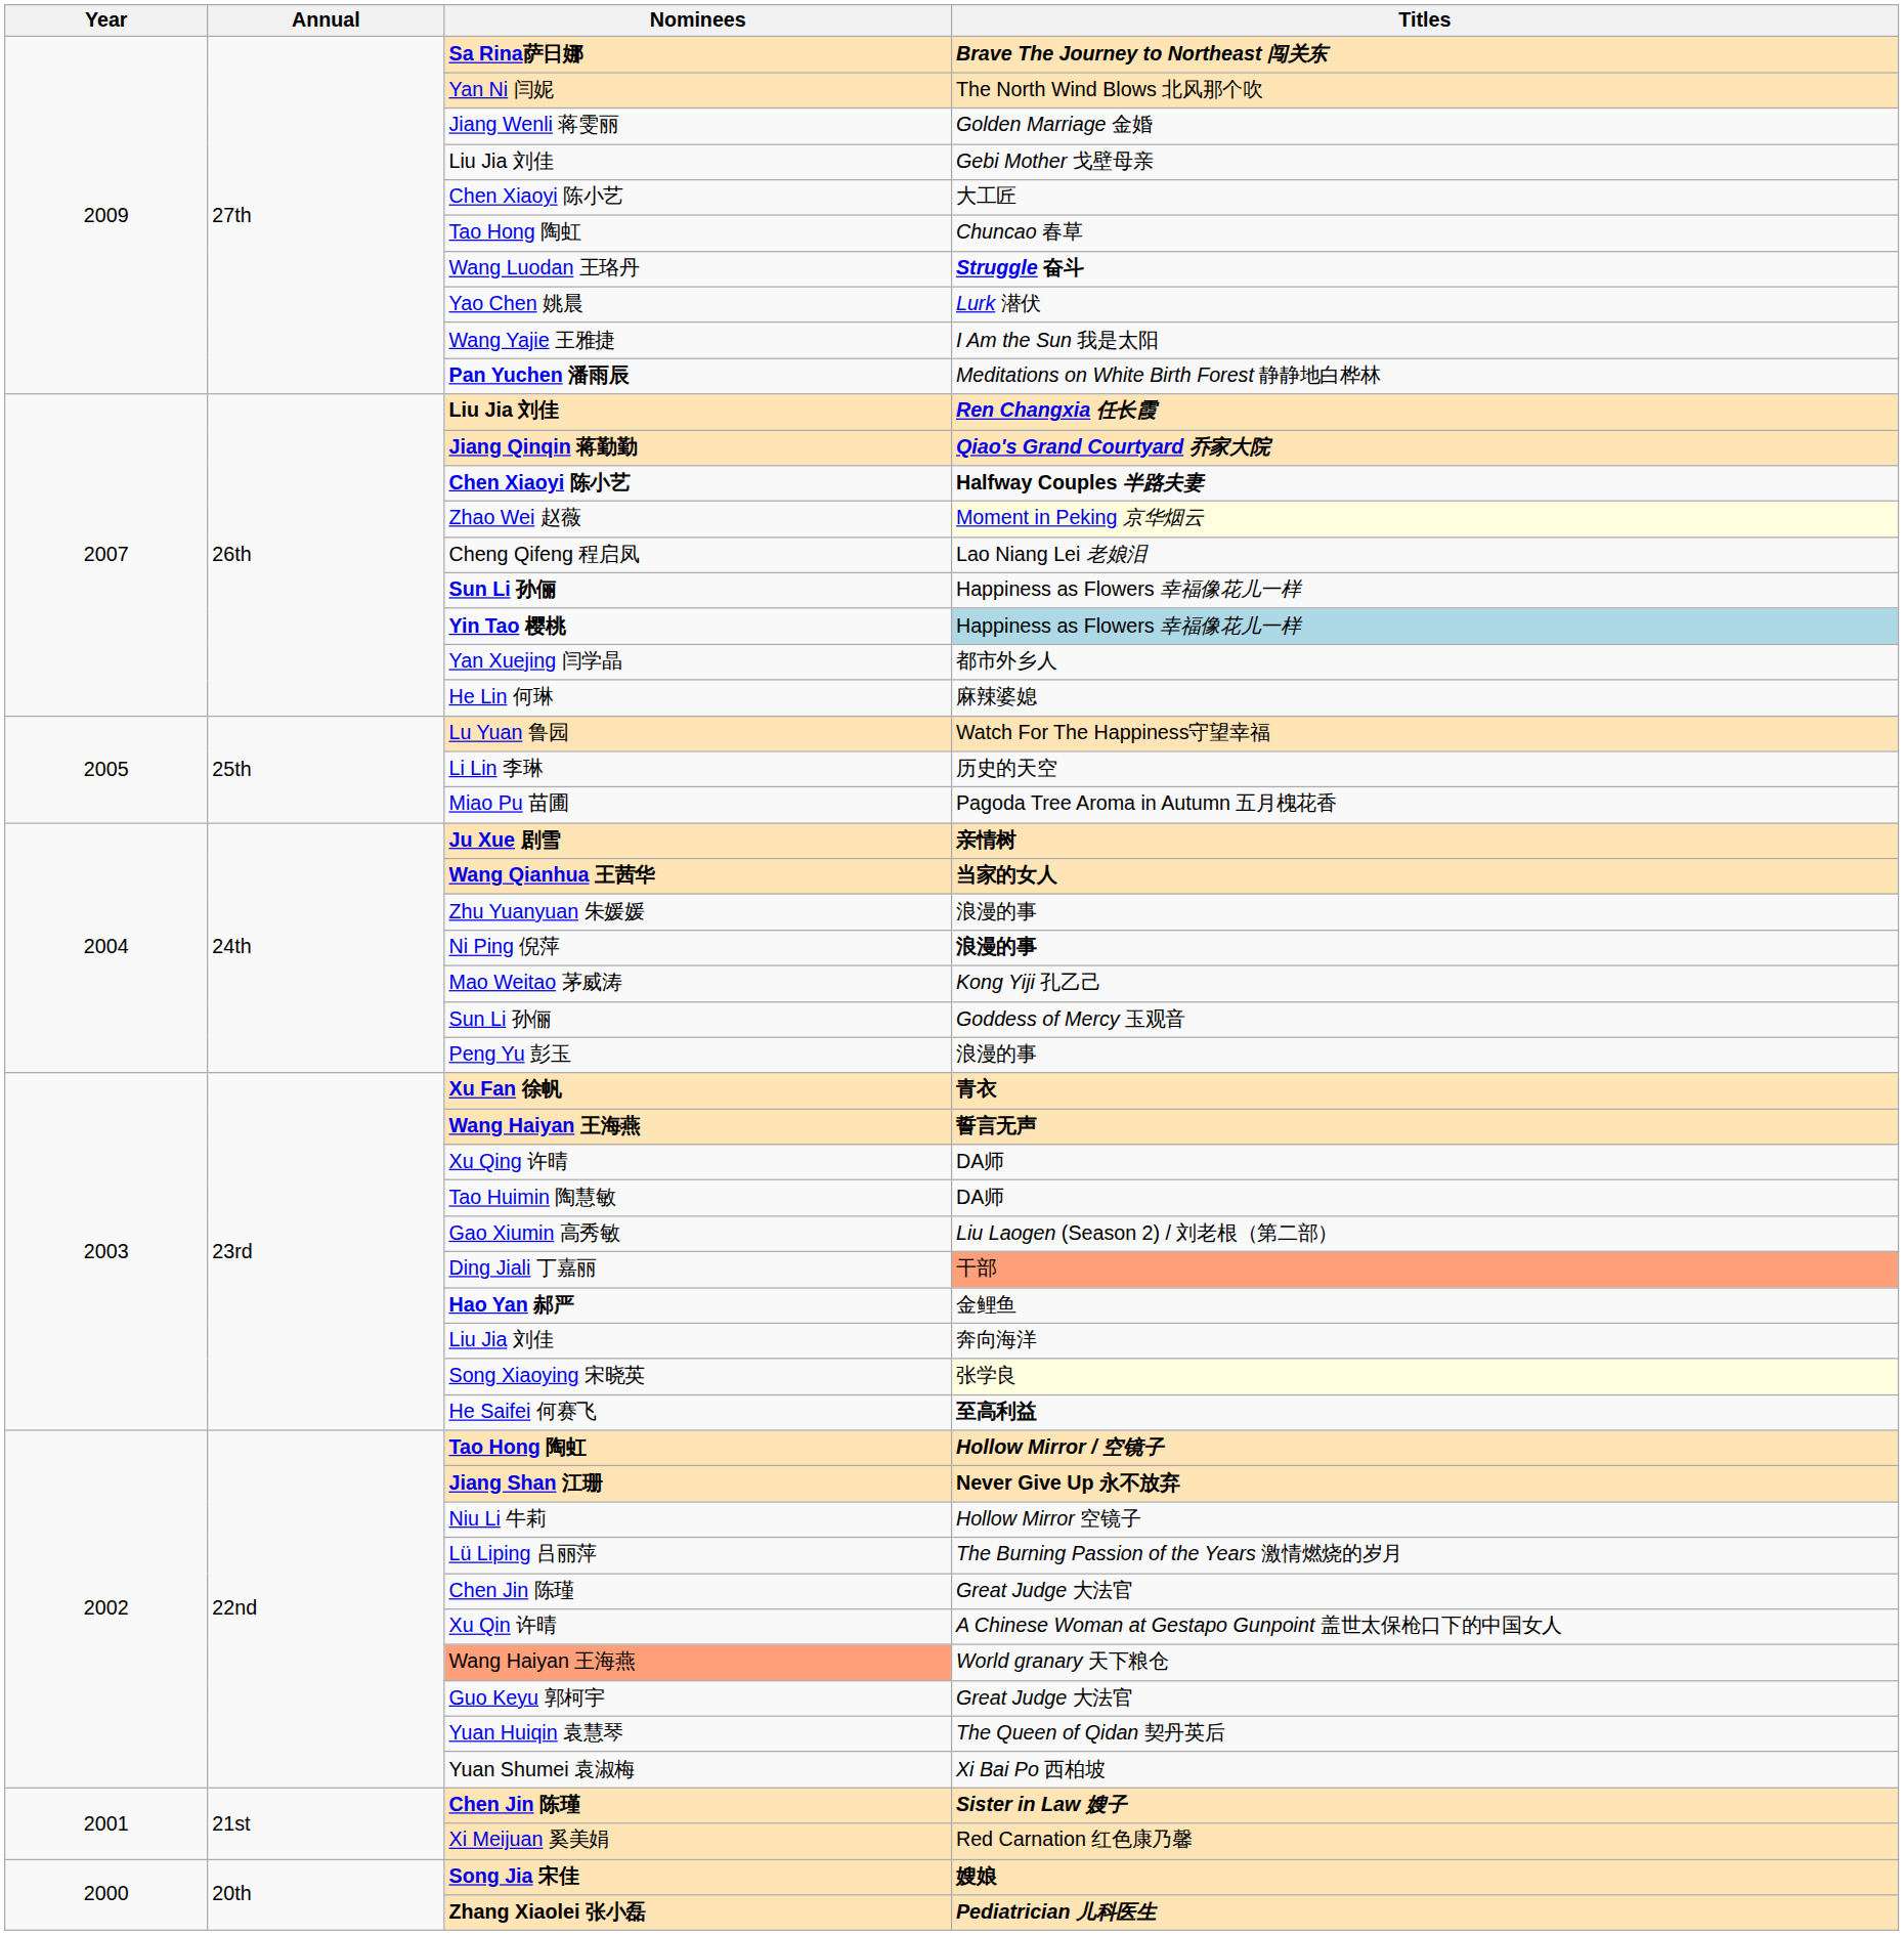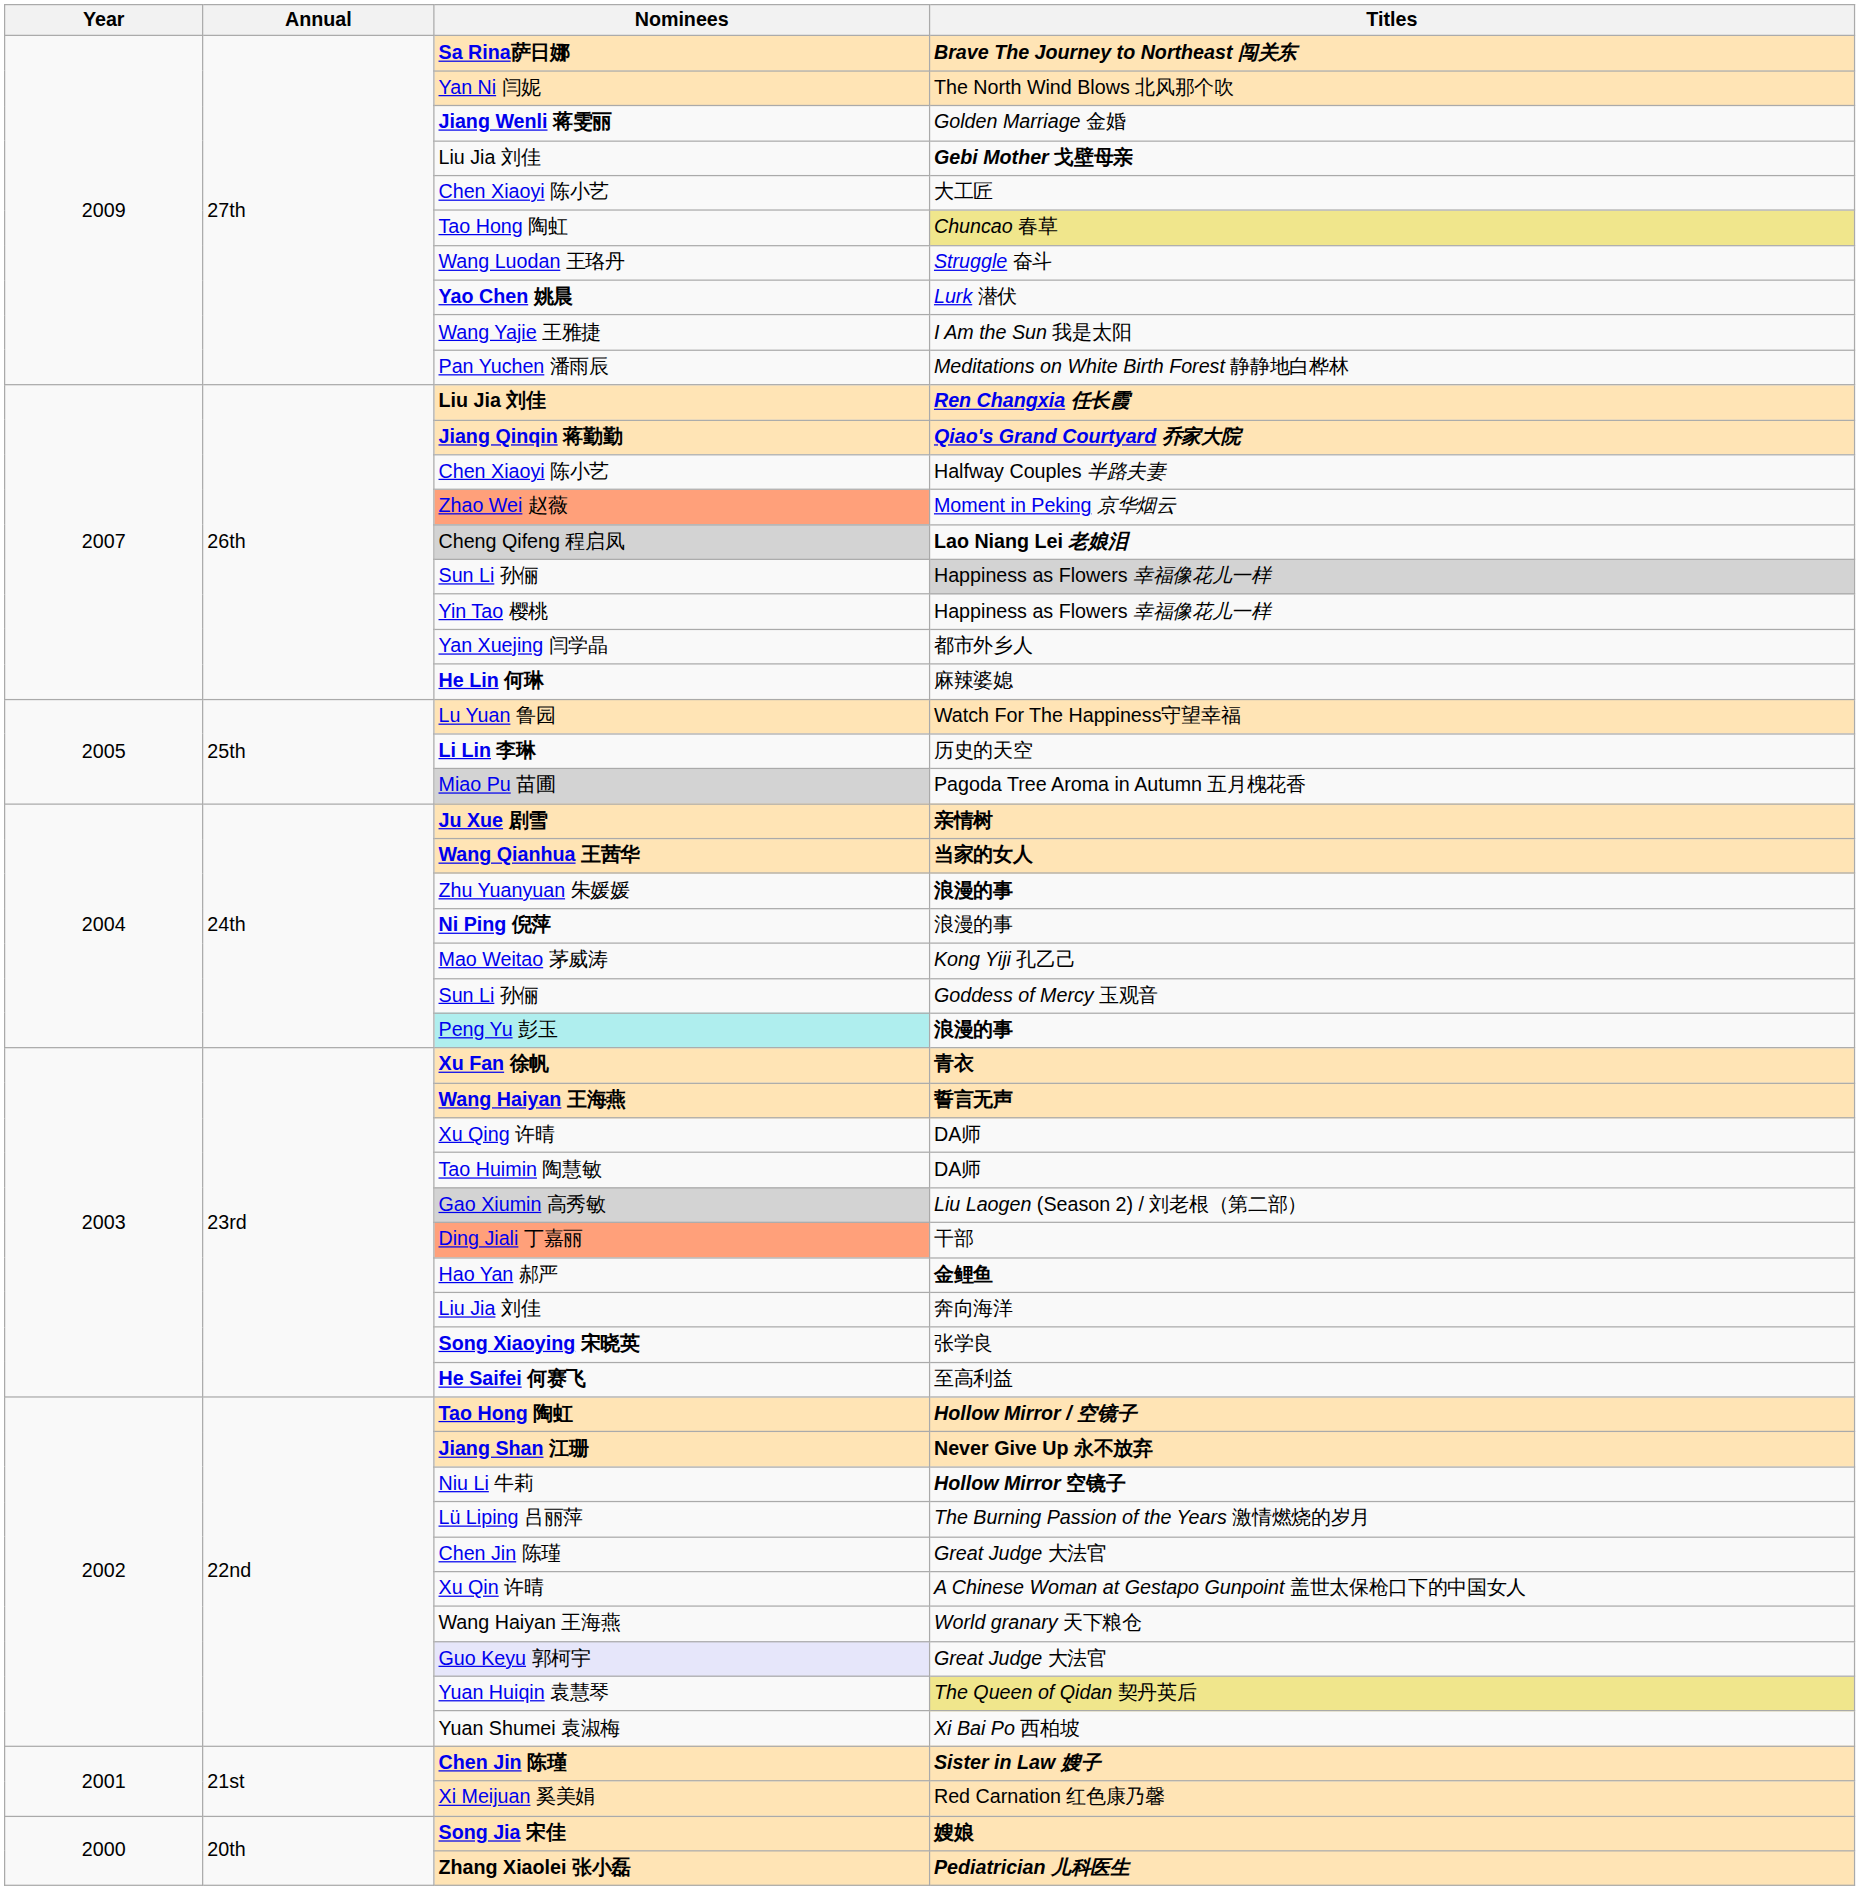 <table class="wikitable" width="95%" align="center">
 <tr>
 <th width="6%">Year</th>
 <th width="7%">Annual</th>
 <th width="15%">Nominees</th>
 <th width="28%">Titles</th>
 </tr>
 <tr>
 <td rowspan="10" style="text-align:center;">2009</td>
 <td rowspan="10">27th</td>
 <td style="background:#FFE4B5;"><strong><a href='#'>Sa Rina</a>萨日娜</strong></td>
 <td style="background:#FFE4B5;"><strong><em>Brave The Journey to Northeast<em> 闯关东<strong></td>
 </tr>
 <tr>
 <td style="background:#FFE4B5;"></strong><a href='#'>Yan Ni</a> 闫妮<strong></td>
 <td style="background:#FFE4B5;"></em></strong>The North Wind Blows</em> 北风那个吹</strong></td>
 </tr>
 <tr>
-<td><a href='#'>Jiang Wenli</a> 蒋雯丽</td>
+<td><strong><a href='#'>Jiang Wenli</a> 蒋雯丽</strong></td>
 <td><em>Golden Marriage</em> 金婚</td>
 </tr>
 <tr>
 <td>Liu Jia 刘佳</td>
-<td><em>Gebi Mother</em> 戈壁母亲</td>
+<td><strong><em>Gebi Mother</em> 戈壁母亲</strong></td>
 </tr>
 <tr>
 <td><a href='#'>Chen Xiaoyi</a> 陈小艺</td>
 <td>大工匠</td>
 </tr>
 <tr>
 <td><a href='#'>Tao Hong</a> 陶虹</td>
-<td><em>Chuncao</em> 春草</td>
+<td style="background: khaki;"><em>Chuncao</em> 春草</td>
 </tr>
 <tr>
 <td><a href='#'>Wang Luodan</a> 王珞丹</td>
-<td><strong><em><a href='#'>Struggle</a></em> 奋斗</strong></td>
+<td><em><a href='#'>Struggle</a></em> 奋斗</td>
 </tr>
 <tr>
-<td><a href='#'>Yao Chen</a> 姚晨</td>
+<td><strong><a href='#'>Yao Chen</a> 姚晨</strong></td>
 <td><em><a href='#'>Lurk</a></em> 潜伏</td>
 </tr>
 <tr>
 <td><a href='#'>Wang Yajie</a> 王雅捷</td>
 <td><em>I Am the Sun</em> 我是太阳</td>
 </tr>
 <tr>
-<td><strong><a href='#'>Pan Yuchen</a> 潘雨辰</strong></td>
+<td><a href='#'>Pan Yuchen</a> 潘雨辰</td>
 <td><em>Meditations on White Birth Forest</em> 静静地白桦林</td>
 </tr>
 <tr>
 <td rowspan="9" style="text-align:center;">2007</td>
 <td rowspan="9">26th</td>
 <td style="background:#FFE4B5;"><strong>Liu Jia 刘佳</strong></td>
 <td style="background:#FFE4B5;"><strong><em><a href='#'>Ren Changxia</a> 任长霞</em></strong></td>
 </tr>
 <tr>
 <td style="background:#FFE4B5;"><strong><a href='#'>Jiang Qinqin</a> 蒋勤勤</strong></td>
 <td style="background:#FFE4B5;"><strong><em><a href='#'>Qiao's Grand Courtyard</a><em> 乔家大院<strong></td>
 </tr>
 <tr>
-<td><strong><a href='#'>Chen Xiaoyi</a> 陈小艺</strong></td>
-<td><strong></em>Halfway Couples<em> 半路夫妻</strong></td>
+<td><a href='#'>Chen Xiaoyi</a> 陈小艺</td>
+<td></em>Halfway Couples<em> 半路夫妻</td>
 </tr>
 <tr>
-<td><a href='#'>Zhao Wei</a> 赵薇</td>
-<td style="background: lightyellow;"></em><a href='#'>Moment in Peking</a><em> 京华烟云</td>
+<td style="background: lightsalmon;"><a href='#'>Zhao Wei</a> 赵薇</td>
+<td></em><a href='#'>Moment in Peking</a><em> 京华烟云</td>
 </tr>
 <tr>
-<td>Cheng Qifeng 程启凤</td>
-<td></em>Lao Niang Lei<em>  老娘泪</td>
+<td style="background: lightgrey;">Cheng Qifeng 程启凤</td>
+<td><strong></em>Lao Niang Lei<em>  老娘泪</strong></td>
 </tr>
 <tr>
-<td><strong><a href='#'>Sun Li</a> 孙俪</strong></td>
-<td></em>Happiness as Flowers<em> 幸福像花儿一样</td>
+<td><a href='#'>Sun Li</a> 孙俪</td>
+<td style="background: lightgrey;"></em>Happiness as Flowers<em> 幸福像花儿一样</td>
 </tr>
 <tr>
-<td><strong><a href='#'>Yin Tao</a>  樱桃</strong></td>
-<td style="background: lightblue;"></em>Happiness as Flowers<em>  幸福像花儿一样</td>
+<td><a href='#'>Yin Tao</a>  樱桃</td>
+<td></em>Happiness as Flowers<em>  幸福像花儿一样</td>
 </tr>
 <tr>
 <td><a href='#'>Yan Xuejing</a> 闫学晶</td>
 <td>都市外乡人</td>
 </tr>
 <tr>
-<td><a href='#'>He Lin</a> 何琳</td>
+<td><strong><a href='#'>He Lin</a> 何琳</strong></td>
 <td>麻辣婆媳</td>
 </tr>
 <tr>
 <td rowspan="3" style="text-align:center;">2005</td>
 <td rowspan="3">25th</td>
 <td style="background:#FFE4B5;"></strong><a href='#'>Lu Yuan</a> 鲁园<strong></td>
 <td style="background:#FFE4B5;"></em></strong>Watch For The Happiness</em>守望幸福</strong></td>
 </tr>
 <tr>
-<td><a href='#'>Li Lin</a> 李琳</td>
+<td><strong><a href='#'>Li Lin</a> 李琳</strong></td>
 <td>历史的天空</td>
 </tr>
 <tr>
-<td><a href='#'>Miao Pu</a> 苗圃</td>
+<td style="background: lightgrey;"><a href='#'>Miao Pu</a> 苗圃</td>
 <td>Pagoda Tree Aroma in Autumn 五月槐花香</td>
 </tr>
 <tr>
 <td rowspan="7" style="text-align:center;">2004</td>
 <td rowspan="7">24th</td>
 <td style="background:#FFE4B5;"><strong><a href='#'>Ju Xue</a> 剧雪</strong></td>
 <td style="background:#FFE4B5;"><strong>亲情树</strong></td>
 </tr>
 <tr>
 <td style="background:#FFE4B5;"><strong><a href='#'>Wang Qianhua</a> 王茜华</strong></td>
 <td style="background:#FFE4B5;"><strong>当家的女人</strong></td>
 </tr>
 <tr>
 <td><a href='#'>Zhu Yuanyuan</a> 朱媛媛</td>
-<td>浪漫的事</td>
+<td><strong>浪漫的事</strong></td>
 </tr>
 <tr>
-<td><a href='#'>Ni Ping</a> 倪萍</td>
-<td><strong>浪漫的事</strong></td>
+<td><strong><a href='#'>Ni Ping</a> 倪萍</strong></td>
+<td>浪漫的事</td>
 </tr>
 <tr>
 <td><a href='#'>Mao Weitao</a> 茅威涛</td>
 <td><em>Kong Yiji</em> 孔乙己</td>
 </tr>
 <tr>
 <td><a href='#'>Sun Li</a> 孙俪</td>
 <td><em>Goddess of Mercy</em> 玉观音</td>
 </tr>
 <tr>
-<td><a href='#'>Peng Yu</a> 彭玉</td>
-<td>浪漫的事</td>
+<td style="background: paleturquoise;"><a href='#'>Peng Yu</a> 彭玉</td>
+<td><strong>浪漫的事</strong></td>
 </tr>
 <tr>
 <td rowspan="10" style="text-align:center;">2003</td>
 <td rowspan="10">23rd</td>
 <td style="background:#FFE4B5;"><strong><a href='#'>Xu Fan</a> 徐帆</strong></td>
 <td style="background:#FFE4B5;"><strong>青衣</strong></td>
 </tr>
 <tr>
 <td style="background:#FFE4B5;"><strong><a href='#'>Wang Haiyan</a> 王海燕</strong></td>
 <td style="background:#FFE4B5;"><strong>誓言无声</strong></td>
 </tr>
 <tr>
 <td><a href='#'>Xu Qing</a> 许晴</td>
 <td>DA师</td>
 </tr>
 <tr>
 <td><a href='#'>Tao Huimin</a> 陶慧敏</td>
 <td>DA师</td>
 </tr>
 <tr>
-<td><a href='#'>Gao Xiumin</a> 高秀敏</td>
+<td style="background: lightgrey;"><a href='#'>Gao Xiumin</a> 高秀敏</td>
 <td><em>Liu Laogen</em> (Season 2) / 刘老根（第二部）</td>
 </tr>
 <tr>
-<td><a href='#'>Ding Jiali</a> 丁嘉丽</td>
-<td style="background: lightsalmon;">干部</td>
+<td style="background: lightsalmon;"><a href='#'>Ding Jiali</a> 丁嘉丽</td>
+<td>干部</td>
 </tr>
 <tr>
-<td><strong><a href='#'>Hao Yan</a> 郝严</strong></td>
-<td>金鲤鱼</td>
+<td><a href='#'>Hao Yan</a> 郝严</td>
+<td><strong>金鲤鱼</strong></td>
 </tr>
 <tr>
 <td><a href='#'>Liu Jia</a> 刘佳</td>
 <td>奔向海洋</td>
 </tr>
 <tr>
-<td><a href='#'>Song Xiaoying</a> 宋晓英</td>
-<td style="background: lightyellow;">张学良</td>
+<td><strong><a href='#'>Song Xiaoying</a> 宋晓英</strong></td>
+<td>张学良</td>
 </tr>
 <tr>
-<td><a href='#'>He Saifei</a> 何赛飞</td>
-<td><strong>至高利益</strong></td>
+<td><strong><a href='#'>He Saifei</a> 何赛飞</strong></td>
+<td>至高利益</td>
 </tr>
 <tr>
 <td rowspan="10" style="text-align:center;">2002</td>
 <td rowspan="10">22nd</td>
 <td style="background:#FFE4B5;"><strong><a href='#'>Tao Hong</a> 陶虹</strong></td>
 <td style="background:#FFE4B5;"><strong><em>Hollow Mirror / 空镜子</em></strong></td>
 </tr>
 <tr>
 <td style="background:#FFE4B5;"><strong><a href='#'>Jiang Shan</a> 江珊</strong></td>
 <td style="background:#FFE4B5;"><strong>Never Give Up 永不放弃</strong></td>
 </tr>
 <tr>
 <td><a href='#'>Niu Li</a> 牛莉</td>
-<td><em>Hollow Mirror</em> 空镜子</td>
+<td><strong><em>Hollow Mirror</em> 空镜子</strong></td>
 </tr>
 <tr>
 <td><a href='#'>Lü Liping</a> 吕丽萍</td>
 <td><em>The Burning Passion of the Years</em> 激情燃烧的岁月</td>
 </tr>
 <tr>
 <td><a href='#'>Chen Jin</a> 陈瑾</td>
 <td><em>Great Judge</em> 大法官</td>
 </tr>
 <tr>
 <td><a href='#'>Xu Qin</a> 许晴</td>
 <td><em>A Chinese Woman at Gestapo Gunpoint</em> 盖世太保枪口下的中国女人</td>
 </tr>
 <tr>
-<td style="background: lightsalmon;">Wang Haiyan 王海燕</td>
+<td>Wang Haiyan 王海燕</td>
 <td><em>World granary</em> 天下粮仓</td>
 </tr>
 <tr>
-<td><a href='#'>Guo Keyu</a> 郭柯宇</td>
+<td style="background: lavender;"><a href='#'>Guo Keyu</a> 郭柯宇</td>
 <td><em>Great Judge</em> 大法官</td>
 </tr>
 <tr>
 <td><a href='#'>Yuan Huiqin</a> 袁慧琴</td>
-<td><em>The Queen of Qidan</em> 契丹英后</td>
+<td style="background: khaki;"><em>The Queen of Qidan</em> 契丹英后</td>
 </tr>
 <tr>
 <td>Yuan Shumei 袁淑梅</td>
 <td><em>Xi Bai Po</em> 西柏坡</td>
 </tr>
 <tr>
 <td rowspan="2" style="text-align:center;">2001</td>
 <td rowspan="2">21st</td>
 <td style="background:#FFE4B5;"><strong><a href='#'>Chen Jin</a> 陈瑾</strong></td>
 <td style="background:#FFE4B5;"><strong><em>Sister in Law<em> 嫂子<strong></td>
 </tr>
 <tr>
 <td style="background:#FFE4B5;"></strong><a href='#'>Xi Meijuan</a> 奚美娟<strong></td>
 <td style="background:#FFE4B5;"></em></strong>Red Carnation</em> 红色康乃馨</strong></td>
 </tr>
 <tr>
 <td rowspan="2" style="text-align:center;">2000</td>
 <td rowspan="2">20th</td>
 <td style="background:#FFE4B5;"><strong><a href='#'>Song Jia</a> 宋佳</strong></td>
 <td style="background:#FFE4B5;"><strong>嫂娘</strong></td>
 </tr>
 <tr>
 <td style="background:#FFE4B5;"><strong>Zhang Xiaolei 张小磊</strong></td>
 <td style="background:#FFE4B5;"><strong><em>Pediatrician<em> 儿科医生<strong></td>
 </tr>
 </table>
